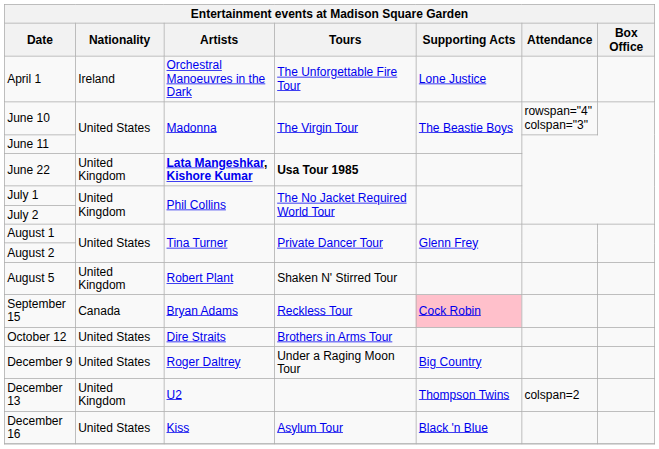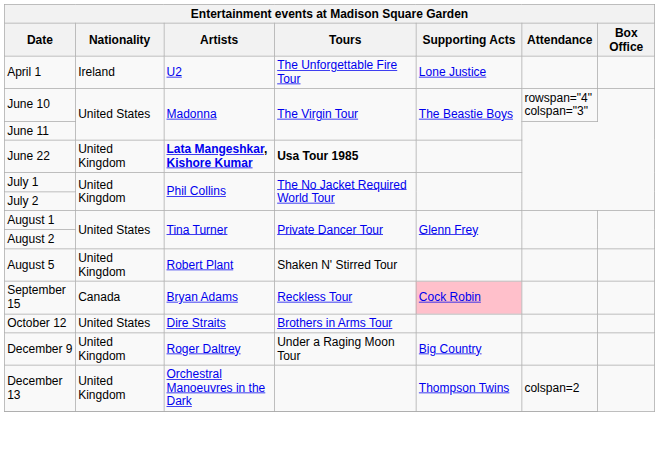 <table class="wikitable">
 <tr>
 <th colspan="7">Entertainment events at Madison Square Garden</th>
 </tr>
 <tr>
 <th width=100>Date</th>
 <th width=150>Nationality</th>
 <th width=200>Artists</th>
 <th width=300>Tours</th>
 <th width=200>Supporting Acts</th>
 <th width=100>Attendance</th>
 <th width=100>Box Office</th>
 </tr>
 <tr>
 <td>April 1</td>
 <td>Ireland</td>
-<td><a href='#'>Orchestral Manoeuvres in the Dark</a></td>
+<td><a href='#'>U2</a></td>
 <td><a href='#'>The Unforgettable Fire Tour</a></td>
 <td><a href='#'>Lone Justice</a></td>
 <td></td>
 <td></td>
 </tr>
 <tr>
 <td>June 10</td>
 <td rowspan="2">United States</td>
 <td rowspan="2"><a href='#'>Madonna</a></td>
 <td rowspan="2"><a href='#'>The Virgin Tour</a></td>
 <td rowspan="2"><a href='#'>The Beastie Boys</a></td>
 <td>rowspan="4" colspan="3" </td>
 </tr>
 <tr>
 <td>June 11</td>
 </tr>
 <tr>
 <td>June 22</td>
 <td>United Kingdom</td>
 <td><strong><a href='#'>Lata Mangeshkar</a>, <a href='#'>Kishore Kumar</a></strong></td>
 <td><strong>Usa Tour 1985</strong></td>
 <td></td>
 </tr>
 <tr>
 <td>July 1</td>
 <td rowspan=2>United Kingdom</td>
 <td rowspan=2><a href='#'>Phil Collins</a></td>
 <td rowspan=2><a href='#'>The No Jacket Required World Tour</a></td>
 <td rowspan=2></td>
 </tr>
 <tr>
 <td>July 2</td>
 </tr>
 <tr>
 <td>August 1</td>
 <td rowspan=2>United States</td>
 <td rowspan=2><a href='#'>Tina Turner</a></td>
 <td rowspan=2><a href='#'>Private Dancer Tour</a></td>
 <td rowspan=2><a href='#'>Glenn Frey</a></td>
 <td rowspan=2></td>
 <td rowspan=2></td>
 </tr>
 <tr>
 <td>August 2</td>
 </tr>
 <tr>
 <td>August 5</td>
 <td>United Kingdom</td>
 <td><a href='#'>Robert Plant</a></td>
 <td>Shaken N' Stirred Tour</td>
 <td></td>
 <td></td>
 <td></td>
 </tr>
 <tr>
 <td>September 15</td>
 <td>Canada</td>
 <td><a href='#'>Bryan Adams</a></td>
 <td><a href='#'>Reckless Tour</a></td>
 <td style="background: pink;"><a href='#'>Cock Robin</a></td>
 <td></td>
 <td></td>
 </tr>
 <tr>
 <td>October 12</td>
 <td>United States</td>
 <td><a href='#'>Dire Straits</a></td>
 <td><a href='#'>Brothers in Arms Tour</a></td>
 <td></td>
 <td></td>
 <td></td>
 </tr>
 <tr>
 <td>December 9</td>
-<td>United States</td>
+<td>United Kingdom</td>
 <td><a href='#'>Roger Daltrey</a></td>
 <td>Under a Raging Moon Tour</td>
 <td><a href='#'>Big Country</a></td>
 <td></td>
 <td></td>
 </tr>
 <tr>
 <td>December 13</td>
 <td>United Kingdom</td>
-<td><a href='#'>U2</a></td>
+<td><a href='#'>Orchestral Manoeuvres in the Dark</a></td>
 <td></td>
 <td><a href='#'>Thompson Twins</a></td>
 <td>colspan=2 </td>
 </tr>
 <tr>
-<td>December 16</td>
-<td>United States</td>
-<td><a href='#'>Kiss</a></td>
-<td><a href='#'>Asylum Tour</a></td>
-<td><a href='#'>Black 'n Blue</a></td>
-<td></td>
-<td></td>
-</tr>
-<tr>
 </tr>
 </table>
